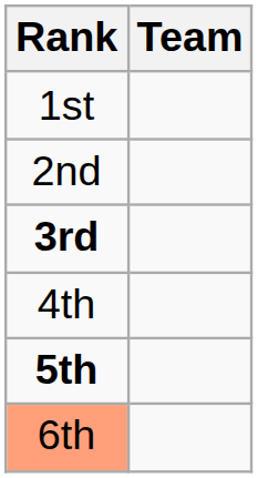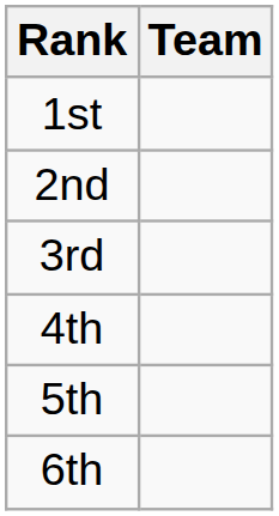 <table class="wikitable" align="center"|>
 <tr>
 <th>Rank</th>
 <th>Team</th>
 </tr>
 <tr align="center">
 <td>1st</td>
 <td align="left"></td>
 </tr>
 <tr align="center">
 <td>2nd</td>
 <td align="left"></td>
 </tr>
 <tr align="center">
-<td><strong>3rd</strong></td>
+<td>3rd</td>
 <td align="left"></td>
 </tr>
 <tr align="center">
 <td>4th</td>
 <td align="left"></td>
 </tr>
 <tr align="center">
-<td><strong>5th</strong></td>
+<td>5th</td>
 <td align="left"></td>
 </tr>
 <tr align="center">
-<td style="background: lightsalmon;">6th</td>
+<td>6th</td>
 <td align="left"></td>
 </tr>
 </table>
